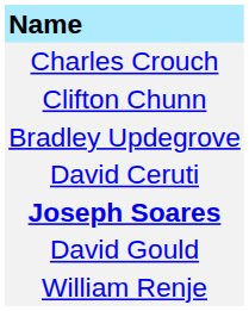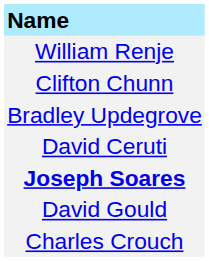 <table border=0 cellpadding=2 cellspacing=0  |- bgcolor=#F2F2F2 style="text-align:center; font-size:90%;">
 <tr bgcolor=#ADEBFD>
 <th align=left>Name</th>
 </tr>
 <tr>
-<td><a href='#'>Charles Crouch</a></td>
+<td><a href='#'>William Renje</a></td>
 </tr>
 <tr>
 <td><a href='#'>Clifton Chunn</a></td>
 </tr>
 <tr>
 <td><a href='#'>Bradley Updegrove</a></td>
 </tr>
 <tr>
 <td><a href='#'>David Ceruti</a></td>
 </tr>
 <tr>
 <td><strong><a href='#'>Joseph Soares</a></strong></td>
 </tr>
 <tr>
 <td><a href='#'>David Gould</a></td>
 </tr>
 <tr>
-<td><a href='#'>William Renje</a></td>
+<td><a href='#'>Charles Crouch</a></td>
 </tr>
 </table>
